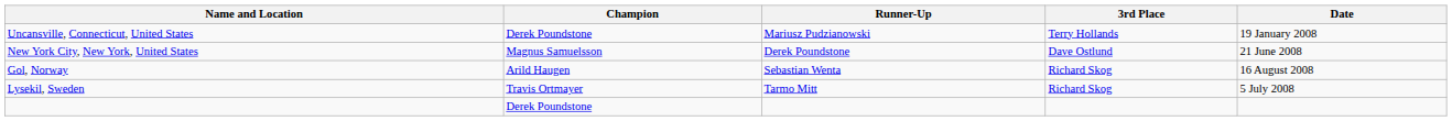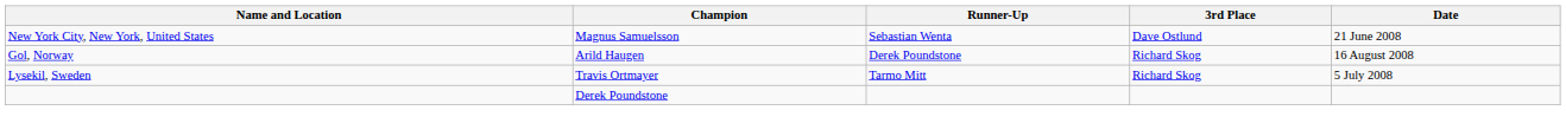 <table class="wikitable" style="display: inline-table;width: 100%;">
 <tr>
 <th>Name and Location</th>
 <th>Champion</th>
 <th>Runner-Up</th>
 <th>3rd Place</th>
 <th>Date</th>
 </tr>
 <tr>
-<td> <a href='#'>Uncansville</a>, <a href='#'>Connecticut</a>, <a href='#'>United States</a> <br> </td>
-<td> <a href='#'>Derek Poundstone</a></td>
-<td> <a href='#'>Mariusz Pudzianowski</a></td>
-<td> <a href='#'>Terry Hollands</a></td>
-<td>19 January 2008</td>
-</tr>
-<tr>
 <td> <a href='#'>New York City</a>, <a href='#'>New York</a>, <a href='#'>United States</a> <br> </td>
 <td> <a href='#'>Magnus Samuelsson</a></td>
-<td> <a href='#'>Derek Poundstone</a></td>
+<td> <a href='#'>Sebastian Wenta</a></td>
 <td> <a href='#'>Dave Ostlund</a></td>
 <td>21 June 2008</td>
 </tr>
 <tr>
 <td> <a href='#'>Gol</a>, <a href='#'>Norway</a> <br> </td>
 <td> <a href='#'>Arild Haugen</a></td>
-<td> <a href='#'>Sebastian Wenta</a></td>
+<td> <a href='#'>Derek Poundstone</a></td>
 <td> <a href='#'>Richard Skog</a></td>
 <td>16 August 2008</td>
 </tr>
 <tr>
 <td> <a href='#'>Lysekil</a>, <a href='#'>Sweden</a> <br> </td>
 <td> <a href='#'>Travis Ortmayer</a></td>
 <td> <a href='#'>Tarmo Mitt</a></td>
 <td> <a href='#'>Richard Skog</a></td>
 <td>5 July 2008</td>
 </tr>
 <tr>
 <td></td>
 <td> <a href='#'>Derek Poundstone</a></td>
 <td></td>
 <td></td>
 <td></td>
 </tr>
 </table>
